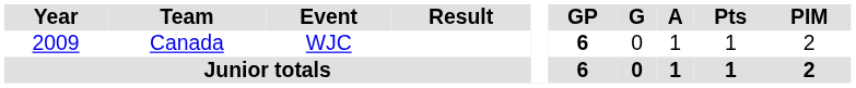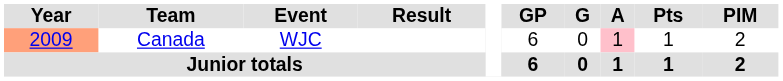 <table border="0" cellpadding="1" cellspacing="0" style="text-align:center; width:40em">
 <tr ALIGN="center" bgcolor="#e0e0e0">
 <th>Year</th>
 <th>Team</th>
 <th>Event</th>
 <th>Result</th>
 <th rowspan="99" bgcolor="#ffffff"> </th>
 <th>GP</th>
 <th>G</th>
 <th>A</th>
 <th>Pts</th>
 <th>PIM</th>
 </tr>
 <tr>
-<td><a href='#'>2009</a></td>
+<td style="background: lightsalmon;"><a href='#'>2009</a></td>
 <td><a href='#'>Canada</a></td>
 <td><a href='#'>WJC</a></td>
 <td></td>
-<td><strong>6</strong></td>
+<td>6</td>
 <td>0</td>
-<td>1</td>
+<td style="background: pink;">1</td>
 <td>1</td>
 <td>2</td>
 </tr>
 <tr ALIGN="center" bgcolor="#e0e0e0">
 <th colspan=4>Junior totals</th>
 <th>6</th>
 <th>0</th>
 <th>1</th>
 <th>1</th>
 <th>2</th>
 </tr>
 </table>
